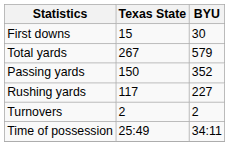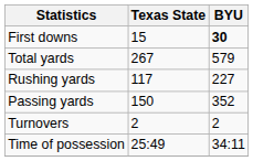 <table class="wikitable">
 <tr>
 <th>Statistics</th>
 <th>Texas State</th>
 <th>BYU</th>
 </tr>
 <tr>
 <td>First downs</td>
 <td>15</td>
-<td>30</td>
+<td><strong>30</strong></td>
 </tr>
 <tr>
 <td>Total yards</td>
 <td>267</td>
 <td>579</td>
 </tr>
 <tr>
+<td>Rushing yards</td>
+<td>117</td>
+<td>227</td>
+</tr>
+<tr>
 <td>Passing yards</td>
 <td>150</td>
 <td>352</td>
-</tr>
-<tr>
-<td>Rushing yards</td>
-<td>117</td>
-<td>227</td>
 </tr>
 <tr>
 <td>Turnovers</td>
 <td>2</td>
 <td>2</td>
 </tr>
 <tr>
 <td>Time of possession</td>
 <td>25:49</td>
 <td>34:11</td>
 </tr>
 <tr>
 </tr>
 </table>
